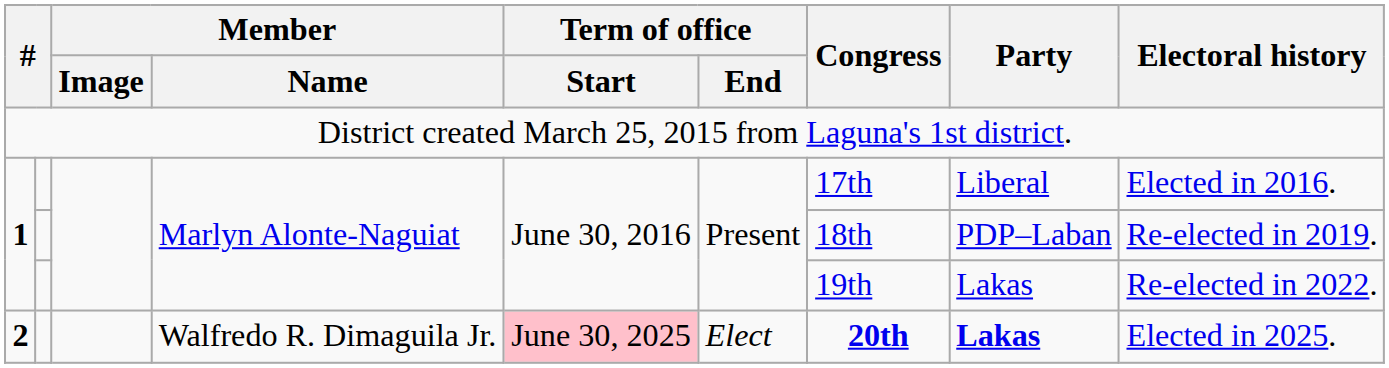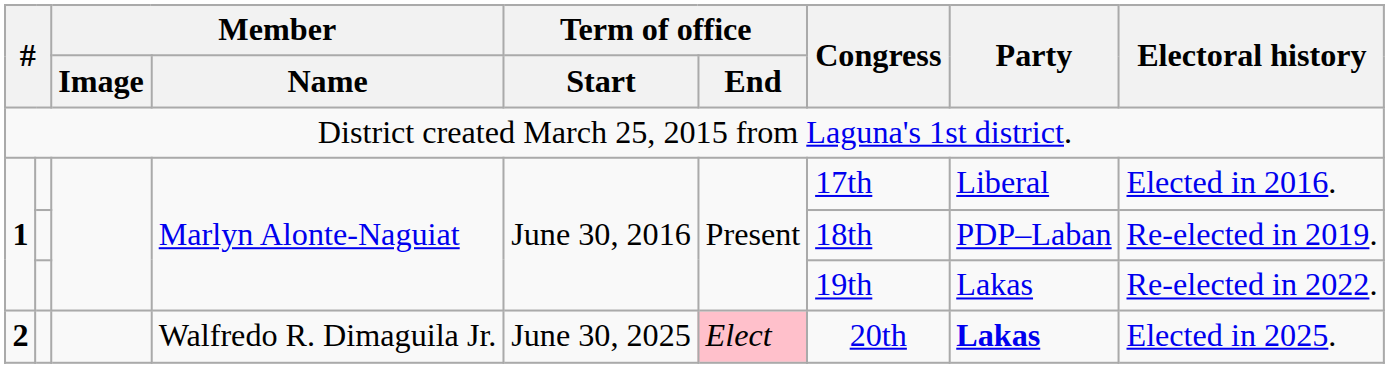 <table class="wikitable">
 <tr>
 <th rowspan="2" colspan="2">#</th>
 <th colspan="2">Member</th>
 <th colspan="2">Term of office</th>
 <th rowspan="2">Congress</th>
 <th rowspan="2">Party</th>
 <th rowspan="2">Electoral history</th>
 </tr>
 <tr>
 <th>Image</th>
 <th>Name</th>
 <th>Start</th>
 <th>End</th>
 </tr>
 <tr>
 <td colspan="10" style="text-align:center;">District created March 25, 2015 from <a href='#'>Laguna's 1st district</a>.</td>
 </tr>
 <tr>
 <td rowspan="3"><strong>1</strong></td>
 <td style="color:inherit;background:"></td>
 <td rowspan="3"></td>
 <td rowspan="3"><a href='#'>Marlyn Alonte-Naguiat</a><br></td>
 <td rowspan="3">June 30, 2016</td>
 <td rowspan="3">Present</td>
 <td><a href='#'>17th</a></td>
 <td><a href='#'>Liberal</a></td>
 <td><a href='#'>Elected in 2016</a>.</td>
 </tr>
 <tr>
 <td style="color:inherit;background:"></td>
 <td><a href='#'>18th</a></td>
 <td><a href='#'>PDP–Laban</a></td>
 <td><a href='#'>Re-elected in 2019</a>.</td>
 </tr>
 <tr>
 <td style="color:inherit;background:"></td>
 <td><a href='#'>19th</a></td>
 <td><a href='#'>Lakas</a></td>
 <td><a href='#'>Re-elected in 2022</a>.</td>
 </tr>
 <tr>
 <td style="text-align:center;"><strong>2</strong></td>
 <td style="color:inherit;background:"></td>
 <td></td>
 <td>Walfredo R. Dimaguila Jr.<br></td>
-<td style="background: pink;">June 30, 2025</td>
-<td><em>Elect</em></td>
-<td style="text-align:center;"><strong><a href='#'>20th</a></strong></td>
+<td>June 30, 2025</td>
+<td style="background: pink;"><em>Elect</em></td>
+<td style="text-align:center;"><a href='#'>20th</a></td>
 <td><strong><a href='#'>Lakas</a></strong></td>
 <td><a href='#'>Elected in 2025</a>.</td>
 </tr>
 </table>
